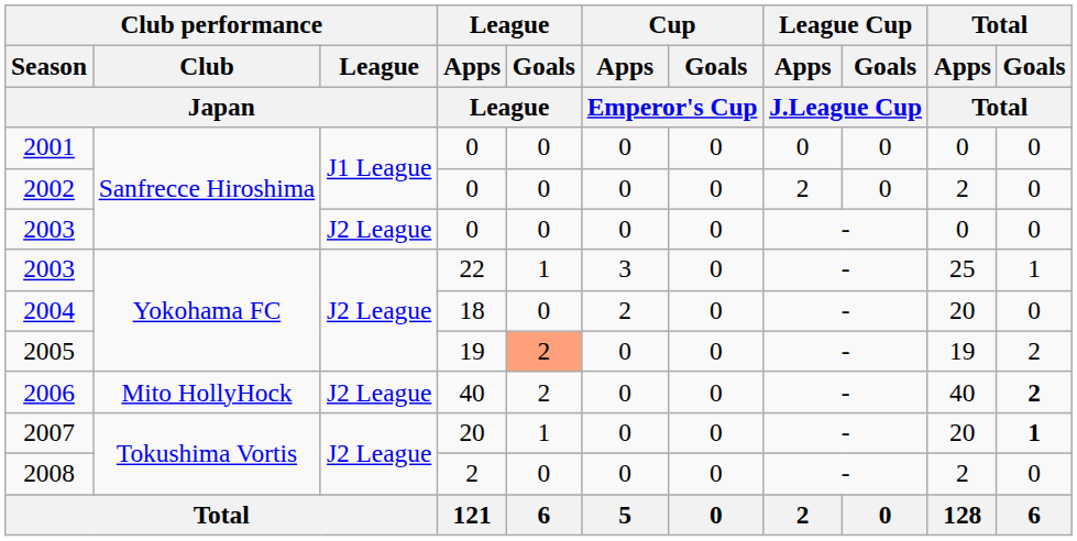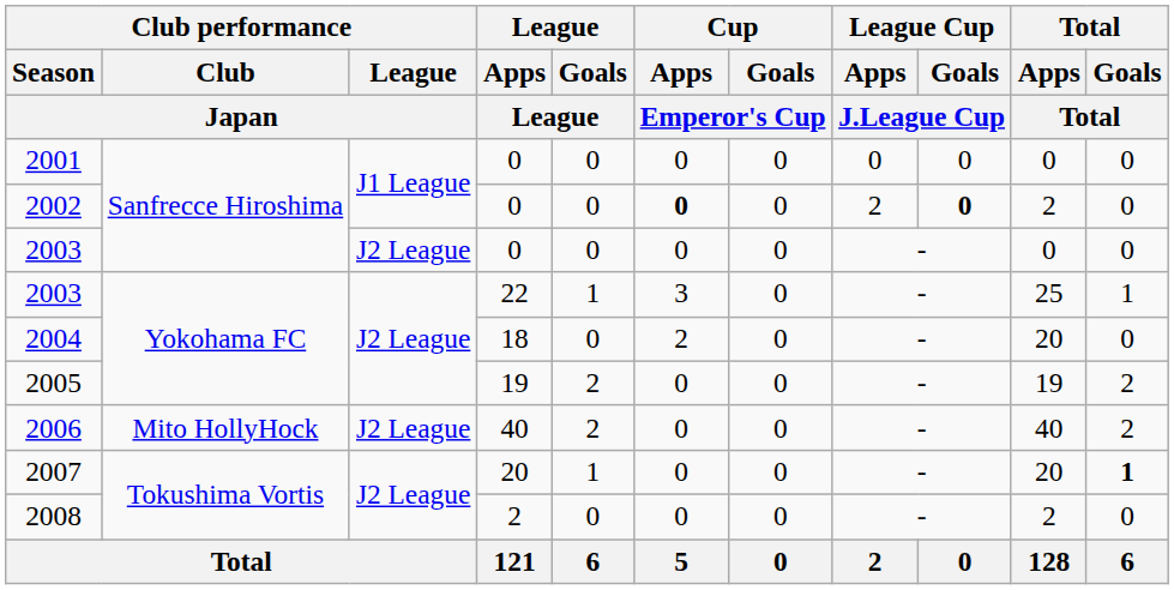 <table class="wikitable" style="text-align:center;">
 <tr>
 <th colspan=3>Club performance</th>
 <th colspan=2>League</th>
 <th colspan=2>Cup</th>
 <th colspan=2>League Cup</th>
 <th colspan=2>Total</th>
 </tr>
 <tr>
 <th>Season</th>
 <th>Club</th>
 <th>League</th>
 <th>Apps</th>
 <th>Goals</th>
 <th>Apps</th>
 <th>Goals</th>
 <th>Apps</th>
 <th>Goals</th>
 <th>Apps</th>
 <th>Goals</th>
 </tr>
 <tr>
 <th colspan=3>Japan</th>
 <th colspan=2>League</th>
 <th colspan=2><a href='#'>Emperor's Cup</a></th>
 <th colspan=2><a href='#'>J.League Cup</a></th>
 <th colspan=2>Total</th>
 </tr>
 <tr>
 <td><a href='#'>2001</a></td>
 <td rowspan="3"><a href='#'>Sanfrecce Hiroshima</a></td>
 <td rowspan="2"><a href='#'>J1 League</a></td>
 <td>0</td>
 <td>0</td>
 <td>0</td>
 <td>0</td>
 <td>0</td>
 <td>0</td>
 <td>0</td>
 <td>0</td>
 </tr>
 <tr>
 <td><a href='#'>2002</a></td>
 <td>0</td>
 <td>0</td>
-<td>0</td>
+<td><strong>0</strong></td>
 <td>0</td>
 <td>2</td>
-<td>0</td>
+<td><strong>0</strong></td>
 <td>2</td>
 <td>0</td>
 </tr>
 <tr>
 <td><a href='#'>2003</a></td>
 <td><a href='#'>J2 League</a></td>
 <td>0</td>
 <td>0</td>
 <td>0</td>
 <td>0</td>
 <td colspan="2">-</td>
 <td>0</td>
 <td>0</td>
 </tr>
 <tr>
 <td><a href='#'>2003</a></td>
 <td rowspan="3"><a href='#'>Yokohama FC</a></td>
 <td rowspan="3"><a href='#'>J2 League</a></td>
 <td>22</td>
 <td>1</td>
 <td>3</td>
 <td>0</td>
 <td colspan="2">-</td>
 <td>25</td>
 <td>1</td>
 </tr>
 <tr>
 <td><a href='#'>2004</a></td>
 <td>18</td>
 <td>0</td>
 <td>2</td>
 <td>0</td>
 <td colspan="2">-</td>
 <td>20</td>
 <td>0</td>
 </tr>
 <tr>
 <td>2005</td>
 <td>19</td>
-<td style="background: lightsalmon;">2</td>
+<td>2</td>
 <td>0</td>
 <td>0</td>
 <td colspan="2">-</td>
 <td>19</td>
 <td>2</td>
 </tr>
 <tr>
 <td><a href='#'>2006</a></td>
 <td><a href='#'>Mito HollyHock</a></td>
 <td><a href='#'>J2 League</a></td>
 <td>40</td>
 <td>2</td>
 <td>0</td>
 <td>0</td>
 <td colspan="2">-</td>
 <td>40</td>
-<td><strong>2</strong></td>
+<td>2</td>
 </tr>
 <tr>
 <td>2007</td>
 <td rowspan="2"><a href='#'>Tokushima Vortis</a></td>
 <td rowspan="2"><a href='#'>J2 League</a></td>
 <td>20</td>
 <td>1</td>
 <td>0</td>
 <td>0</td>
 <td colspan="2">-</td>
 <td>20</td>
 <td><strong>1</strong></td>
 </tr>
 <tr>
 <td>2008</td>
 <td>2</td>
 <td>0</td>
 <td>0</td>
 <td>0</td>
 <td colspan="2">-</td>
 <td>2</td>
 <td>0</td>
 </tr>
 <tr>
 <th colspan=3>Total</th>
 <th>121</th>
 <th>6</th>
 <th>5</th>
 <th>0</th>
 <th>2</th>
 <th>0</th>
 <th>128</th>
 <th>6</th>
 </tr>
 </table>
